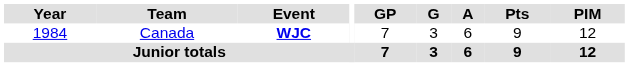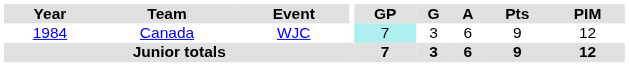 <table border="0" cellpadding="1" cellspacing="0" ID="Table3" style="text-align:center; width:40em">
 <tr bgcolor="#e0e0e0">
 <th>Year</th>
 <th>Team</th>
 <th>Event</th>
 <th rowspan="102" bgcolor="#ffffff"></th>
 <th>GP</th>
 <th>G</th>
 <th>A</th>
 <th>Pts</th>
 <th>PIM</th>
 </tr>
 <tr>
 <td><a href='#'>1984</a></td>
 <td><a href='#'>Canada</a></td>
-<td><strong><a href='#'>WJC</a></strong></td>
-<td>7</td>
+<td><a href='#'>WJC</a></td>
+<td style="background: paleturquoise;">7</td>
 <td>3</td>
 <td>6</td>
 <td>9</td>
 <td>12</td>
 </tr>
 <tr bgcolor="#e0e0e0">
 <th colspan="4">Junior totals</th>
 <th>7</th>
 <th>3</th>
 <th>6</th>
 <th>9</th>
 <th>12</th>
 </tr>
 </table>
